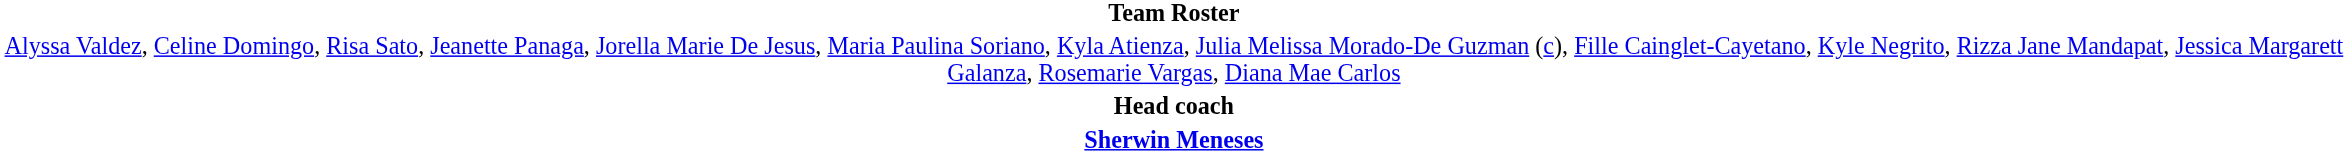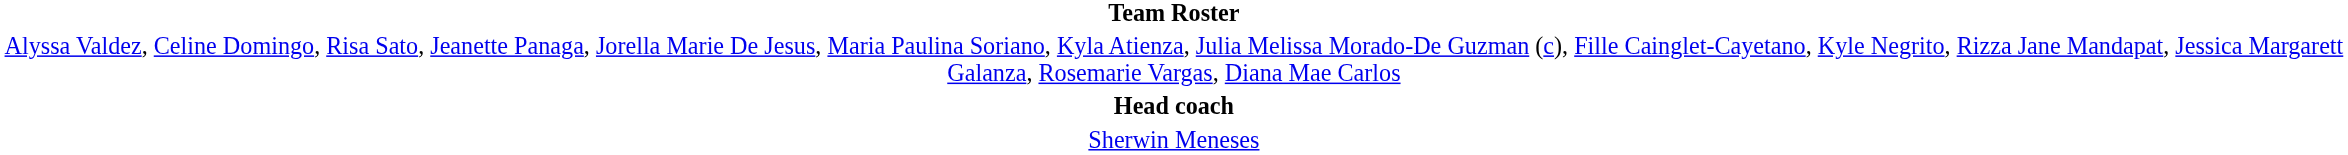 <table style="text-align:center; margin-top:2em; margin-left:auto; margin-right:auto">
 <tr>
 <td><strong>Team Roster</strong></td>
 </tr>
 <tr>
 <td><a href='#'>Alyssa Valdez</a>, <a href='#'>Celine Domingo</a>, <a href='#'>Risa Sato</a>, <a href='#'>Jeanette Panaga</a>, <a href='#'>Jorella Marie De Jesus</a>, <a href='#'>Maria Paulina Soriano</a>, <a href='#'>Kyla Atienza</a>, <a href='#'>Julia Melissa Morado-De Guzman</a> (<a href='#'>c</a>), <a href='#'>Fille Cainglet-Cayetano</a>, <a href='#'>Kyle Negrito</a>, <a href='#'>Rizza Jane Mandapat</a>, <a href='#'>Jessica Margarett Galanza</a>, <a href='#'>Rosemarie Vargas</a>, <a href='#'>Diana Mae Carlos</a></td>
 </tr>
 <tr>
 <td><strong>Head coach</strong></td>
 </tr>
 <tr>
-<td><strong><a href='#'>Sherwin Meneses</a></strong></td>
+<td><a href='#'>Sherwin Meneses</a></td>
 </tr>
 </table>
